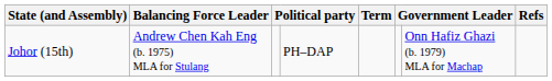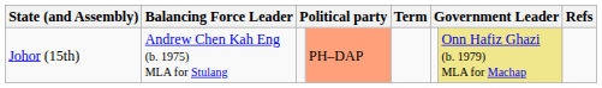 <table class=wikitable sortable>
 <tr>
 <th>State (and Assembly)</th>
 <th>Balancing Force Leader</th>
 <th colspan=2>Political party</th>
 <th>Term</th>
 <th colspan=2>Government Leader</th>
 <th>Refs </th>
 </tr>
 <tr>
 <td align=left> <a href='#'>Johor</a> (15th)</td>
 <td><a href='#'>Andrew Chen Kah Eng</a><br><small>(b. 1975)<br>MLA for <a href='#'>Stulang</a></small></td>
 <td style="background:"></td>
-<td>PH–DAP</td>
+<td style="background: lightsalmon;">PH–DAP</td>
 <td><br></td>
 <td style="background:"></td>
-<td><a href='#'>Onn Hafiz Ghazi</a><br><small>(b. 1979)<br>MLA for <a href='#'>Machap</a></small></td>
+<td style="background: khaki;"><a href='#'>Onn Hafiz Ghazi</a><br><small>(b. 1979)<br>MLA for <a href='#'>Machap</a></small></td>
 <td></td>
 </tr>
 </table>
